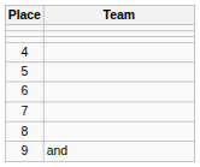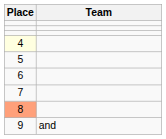 <table class="wikitable" style="text-align:center;">
 <tr>
 <th width=35>Place</th>
 <th width=185>Team</th>
 </tr>
 <tr>
 <td></td>
 <td style="text-align:left;"></td>
 </tr>
 <tr>
 <td></td>
 <td style="text-align:left;"></td>
 </tr>
 <tr>
 <td></td>
 <td style="text-align:left;"></td>
 </tr>
 <tr>
-<td>4</td>
+<td style="background: lightyellow;">4</td>
 <td style="text-align:left;"></td>
 </tr>
 <tr>
 <td>5</td>
 <td style="text-align:left;"></td>
 </tr>
 <tr>
 <td>6</td>
 <td style="text-align:left;"></td>
 </tr>
 <tr>
 <td>7</td>
 <td style="text-align:left;"></td>
 </tr>
 <tr>
-<td>8</td>
+<td style="background: lightsalmon;">8</td>
 <td style="text-align:left;"></td>
 </tr>
 <tr>
 <td>9</td>
 <td style="text-align:left;"> and <br></td>
 </tr>
 </table>
